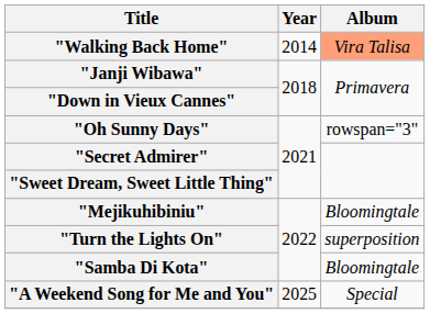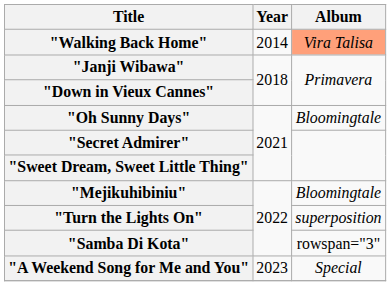 <table class="wikitable plainrowheaders" style="text-align:center">
 <tr>
 <th scope="col">Title</th>
 <th>Year</th>
 <th scope="col">Album</th>
 </tr>
 <tr>
 <th scope="row">"Walking Back Home"</th>
 <td>2014</td>
 <td style="background: lightsalmon;"><em>Vira Talisa</em></td>
 </tr>
 <tr>
 <th scope="row">"Janji Wibawa"</th>
 <td rowspan="2">2018</td>
 <td rowspan="2"><em>Primavera</em></td>
 </tr>
 <tr>
 <th scope="row">"Down in Vieux Cannes"</th>
 </tr>
 <tr>
 <th scope="row">"Oh Sunny Days"</th>
 <td rowspan="3">2021</td>
-<td>rowspan="3" </td>
+<td><em>Bloomingtale</em></td>
 </tr>
 <tr>
 <th scope="row">"Secret Admirer"<br></th>
 </tr>
 <tr>
 <th scope="row">"Sweet Dream, Sweet Little Thing"<br></th>
 </tr>
 <tr>
 <th scope="row">"Mejikuhibiniu"<br></th>
 <td rowspan="3">2022</td>
 <td><em>Bloomingtale</em></td>
 </tr>
 <tr>
 <th scope="row">"Turn the Lights On"<br></th>
 <td><em>superposition</em></td>
 </tr>
 <tr>
 <th scope="row">"Samba Di Kota"</th>
-<td><em>Bloomingtale</em></td>
+<td>rowspan="3" </td>
 </tr>
 <tr>
 <th scope="row">"A Weekend Song for Me and You"<br></th>
-<td>2025</td>
+<td>2023</td>
 <td><em>Special</em></td>
 </tr>
 <tr>
 </tr>
 </table>
